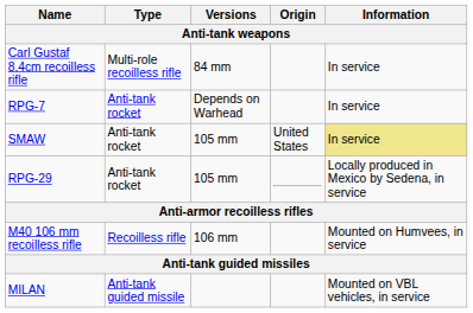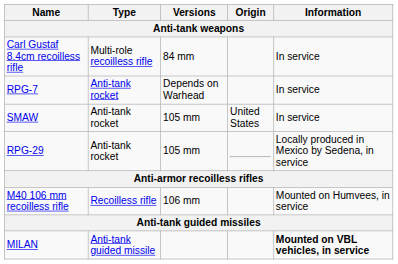 <table class="wikitable">
 <tr>
 <th>Name</th>
 <th>Type</th>
 <th>Versions</th>
 <th>Origin</th>
 <th>Information</th>
 </tr>
 <tr>
 <th colspan="6">Anti-tank weapons</th>
 </tr>
 <tr>
 <td><a href='#'>Carl Gustaf 8.4cm recoilless rifle</a></td>
 <td>Multi-role <a href='#'>recoilless rifle</a></td>
 <td>84 mm</td>
 <td></td>
 <td>In service</td>
 </tr>
 <tr>
 <td><a href='#'>RPG-7</a></td>
 <td><a href='#'>Anti-tank</a> <a href='#'>rocket</a></td>
 <td>Depends on Warhead</td>
 <td><br></td>
 <td>In service</td>
 </tr>
 <tr>
 <td><a href='#'>SMAW</a></td>
 <td>Anti-tank rocket</td>
 <td>105 mm</td>
 <td>United States</td>
-<td style="background: khaki;">In service</td>
+<td>In service</td>
 </tr>
 <tr>
 <td><a href='#'>RPG-29</a></td>
 <td>Anti-tank rocket</td>
 <td>105 mm</td>
 <td><br><hr></td>
 <td>Locally produced in Mexico by Sedena, in service</td>
 </tr>
 <tr>
 <th colspan="6">Anti-armor recoilless rifles</th>
 </tr>
 <tr>
 <td><a href='#'>M40 106 mm recoilless rifle</a></td>
 <td><a href='#'>Recoilless rifle</a></td>
 <td>106 mm</td>
 <td></td>
 <td>Mounted on Humvees, in service</td>
 </tr>
 <tr>
 <th colspan="6">Anti-tank guided missiles</th>
 </tr>
 <tr>
 <td><a href='#'>MILAN</a></td>
 <td><a href='#'>Anti-tank guided missile</a></td>
 <td></td>
 <td></td>
-<td>Mounted on VBL vehicles, in service</td>
+<td><strong>Mounted on VBL vehicles, in service</strong></td>
 </tr>
 </table>
